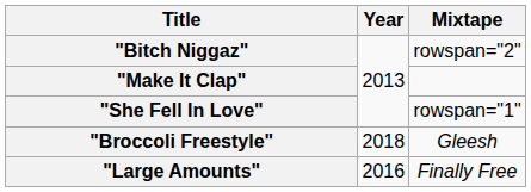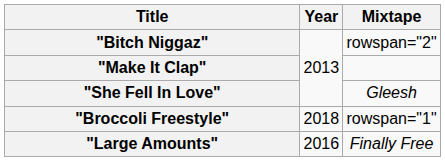 <table class="wikitable plainrowheaders" style="text-align:center;">
 <tr>
 <th scope="col" rowspan="1" style="width:18em;">Title</th>
 <th scope="col" rowspan="1">Year</th>
 <th scope="col" rowspan="1">Mixtape</th>
 </tr>
 <tr>
 <th scope="row">"Bitch Niggaz"</th>
 <td rowspan="3">2013</td>
 <td>rowspan="2" </td>
 </tr>
 <tr>
 <th scope="row">"Make It Clap"</th>
 </tr>
 <tr>
 <th scope="row">"She Fell In Love"</th>
-<td>rowspan="1" </td>
+<td><em>Gleesh</em></td>
 </tr>
 <tr>
 <th scope="row">"Broccoli Freestyle"</th>
 <td>2018</td>
-<td><em>Gleesh</em></td>
+<td>rowspan="1" </td>
 </tr>
 <tr>
 <th scope="row">"Large Amounts"</th>
 <td>2016</td>
 <td><em>Finally Free</em></td>
 </tr>
 </table>
